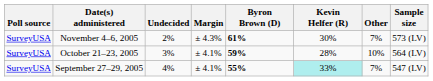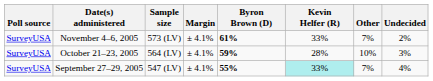 <table class="wikitable" style="font-size:90%">
 <tr valign=bottom>
 <th>Poll source</th>
 <th>Date(s)<br>administered</th>
-<th>Undecided</th>
+<th>Sample<br>size</th>
 <th>Margin<br></th>
 <th style="width:100px;">Byron<br>Brown (D)</th>
 <th style="width:100px;">Kevin<br>Helfer (R)</th>
 <th>Other</th>
-<th>Sample<br>size</th>
+<th>Undecided</th>
 </tr>
 <tr>
 <td><a href='#'>SurveyUSA</a></td>
 <td align=center>November 4–6, 2005</td>
+<td align=center>573 (LV)</td>
+<td align=center>± 4.1%</td>
+<td><strong>61%</strong></td>
+<td align=center>33%</td>
+<td align=center>7%</td>
 <td align=center>2%</td>
-<td align=center>± 4.3%</td>
-<td><strong>61%</strong></td>
-<td align=center>30%</td>
-<td align=center>7%</td>
-<td align=center>573 (LV)</td>
 </tr>
 <tr>
 <td><a href='#'>SurveyUSA</a></td>
 <td align=center>October 21–23, 2005</td>
-<td align=center>3%</td>
+<td align=center>564 (LV)</td>
 <td align=center>± 4.1%</td>
 <td><strong>59%</strong></td>
 <td align=center>28%</td>
 <td align=center>10%</td>
-<td align=center>564 (LV)</td>
+<td align=center>3%</td>
 </tr>
 <tr>
 <td><a href='#'>SurveyUSA</a></td>
 <td align=center>September 27–29, 2005</td>
-<td align=center>4%</td>
+<td align=center>547 (LV)</td>
 <td align=center>± 4.1%</td>
 <td><strong>55%</strong></td>
 <td align=center style="background: paleturquoise;">33%</td>
 <td align=center>7%</td>
-<td align=center>547 (LV)</td>
+<td align=center>4%</td>
 </tr>
 </table>
